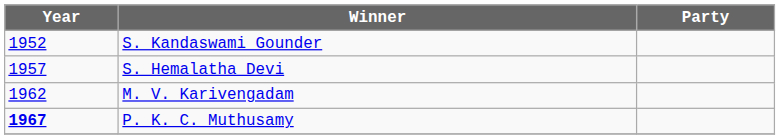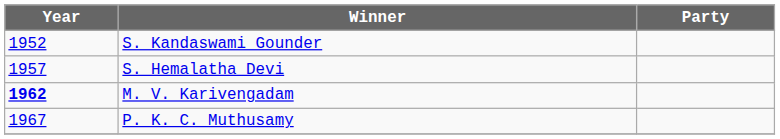 <table class="wikitable" width="50%">
 <tr>
 <th style="background-color:#666666; color:white">Year</th>
 <th style="background-color:#666666; color:white">Winner</th>
 <th style="background-color:#666666; color:white" colspan="2">Party</th>
 </tr>
 <tr>
 <td><a href='#'>1952</a></td>
 <td><a href='#'>S. Kandaswami Gounder</a></td>
 <td></td>
 </tr>
 <tr>
 <td><a href='#'>1957</a></td>
 <td><a href='#'>S. Hemalatha Devi</a></td>
 <td></td>
 </tr>
 <tr>
-<td><a href='#'>1962</a></td>
+<td><strong><a href='#'>1962</a></strong></td>
 <td><a href='#'>M. V. Karivengadam</a></td>
 <td></td>
 </tr>
 <tr>
-<td><strong><a href='#'>1967</a></strong></td>
+<td><a href='#'>1967</a></td>
 <td><a href='#'>P. K. C. Muthusamy</a></td>
 <td></td>
 </tr>
 <tr>
 </tr>
 </table>
